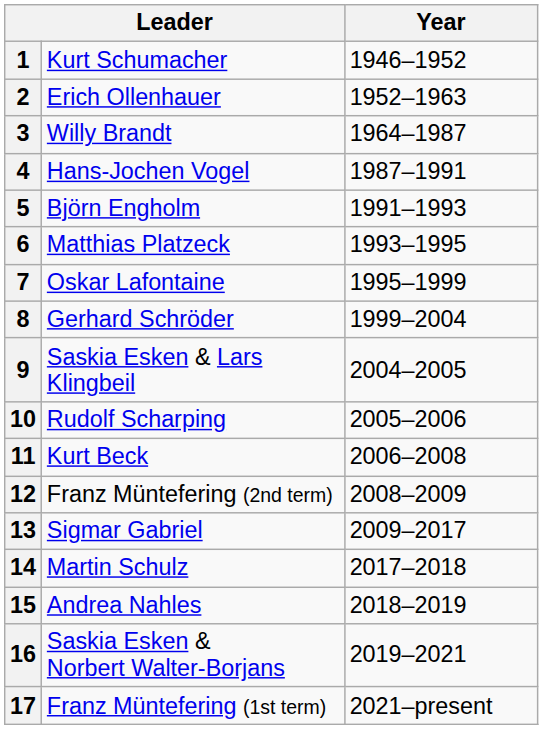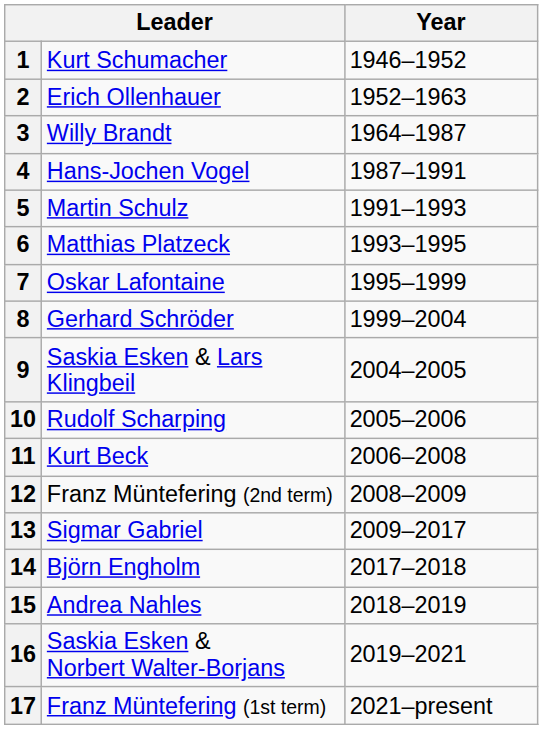 <table class="wikitable">
 <tr>
 <th colspan=2>Leader</th>
 <th>Year</th>
 </tr>
 <tr>
 <th style="background:">1</th>
 <td style="width:200px;"><a href='#'>Kurt Schumacher</a></td>
 <td style="width:125px;">1946–1952</td>
 </tr>
 <tr>
 <th style="background:">2</th>
 <td style="width:200px;"><a href='#'>Erich Ollenhauer</a></td>
 <td style="width:125px;">1952–1963</td>
 </tr>
 <tr>
 <th style="background:">3</th>
 <td style="width:200px;"><a href='#'>Willy Brandt</a></td>
 <td style="width:125px;">1964–1987</td>
 </tr>
 <tr>
 <th style="background:">4</th>
 <td style="width:200px;"><a href='#'>Hans-Jochen Vogel</a></td>
 <td style="width:125px;">1987–1991</td>
 </tr>
 <tr>
 <th style="background:">5</th>
-<td style="width:200px;"><a href='#'>Björn Engholm</a></td>
+<td style="width:200px;"><a href='#'>Martin Schulz</a></td>
 <td style="width:125px;">1991–1993</td>
 </tr>
 <tr>
 <th style="background:">6</th>
 <td style="width:200px;"><a href='#'>Matthias Platzeck</a></td>
 <td style="width:125px;">1993–1995</td>
 </tr>
 <tr>
 <th style="background:">7</th>
 <td style="width:200px;"><a href='#'>Oskar Lafontaine</a></td>
 <td style="width:125px;">1995–1999</td>
 </tr>
 <tr>
 <th style="background:">8</th>
 <td style="width:200px;"><a href='#'>Gerhard Schröder</a></td>
 <td style="width:125px;">1999–2004</td>
 </tr>
 <tr>
 <th style="background:">9</th>
 <td style="width:200px;"><a href='#'>Saskia Esken</a> & <a href='#'>Lars Klingbeil</a></td>
 <td>2004–2005</td>
 </tr>
 <tr>
 <th style="background:">10</th>
 <td style="width:200px;"><a href='#'>Rudolf Scharping</a></td>
 <td style="width:125px;">2005–2006</td>
 </tr>
 <tr>
 <th style="background:">11</th>
 <td style="width:200px;"><a href='#'>Kurt Beck</a></td>
 <td>2006–2008</td>
 </tr>
 <tr>
 <th style="background:">12<br></th>
 <td style="width:200px;">Franz Müntefering <small>(2nd term)</small></td>
 <td style="width:125px;">2008–2009</td>
 </tr>
 <tr>
 <th style="background:">13</th>
 <td style="width:200px;"><a href='#'>Sigmar Gabriel</a></td>
 <td style="width:125px;">2009–2017</td>
 </tr>
 <tr>
 <th style="background:">14</th>
-<td style="width:200px;"><a href='#'>Martin Schulz</a></td>
+<td style="width:200px;"><a href='#'>Björn Engholm</a></td>
 <td style="width:125px;">2017–2018</td>
 </tr>
 <tr>
 <th style="background:">15</th>
 <td style="width:200px;"><a href='#'>Andrea Nahles</a></td>
 <td style="width:125px;">2018–2019</td>
 </tr>
 <tr>
 <th style="background:">16</th>
 <td style="width:200px;"><a href='#'>Saskia Esken</a> &<br><a href='#'>Norbert Walter-Borjans</a></td>
 <td style="width:125px;">2019–2021</td>
 </tr>
 <tr>
 <th style="background:">17</th>
 <td style="width:200px;"><a href='#'>Franz Müntefering</a> <small>(1st term)</small></td>
 <td style="width:125px;">2021–present</td>
 </tr>
 <tr>
 </tr>
 </table>
